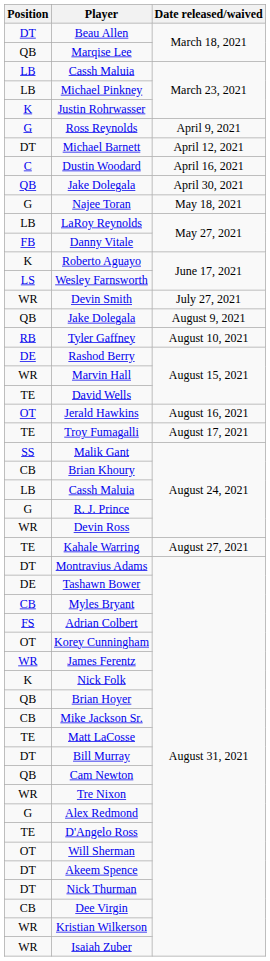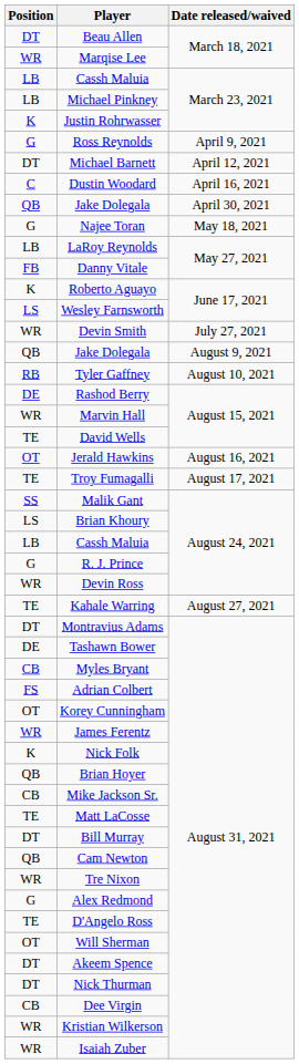 <table class="wikitable" style="text-align:center">
 <tr>
 <th>Position</th>
 <th>Player</th>
 <th>Date released/waived</th>
 </tr>
 <tr>
 <td><a href='#'>DT</a></td>
 <td><a href='#'>Beau Allen</a></td>
 <td rowspan="2">March 18, 2021</td>
 </tr>
 <tr>
-<td>QB</td>
+<td><a href='#'>WR</a></td>
 <td><a href='#'>Marqise Lee</a></td>
 </tr>
 <tr>
 <td><a href='#'>LB</a></td>
 <td><a href='#'>Cassh Maluia</a></td>
 <td rowspan="3">March 23, 2021</td>
 </tr>
 <tr>
 <td>LB</td>
 <td><a href='#'>Michael Pinkney</a></td>
 </tr>
 <tr>
 <td><a href='#'>K</a></td>
 <td><a href='#'>Justin Rohrwasser</a></td>
 </tr>
 <tr>
 <td><a href='#'>G</a></td>
 <td><a href='#'>Ross Reynolds</a></td>
 <td>April 9, 2021</td>
 </tr>
 <tr>
 <td>DT</td>
 <td><a href='#'>Michael Barnett</a></td>
 <td>April 12, 2021</td>
 </tr>
 <tr>
 <td><a href='#'>C</a></td>
 <td><a href='#'>Dustin Woodard</a></td>
 <td>April 16, 2021</td>
 </tr>
 <tr>
 <td><a href='#'>QB</a></td>
 <td><a href='#'>Jake Dolegala</a></td>
 <td>April 30, 2021</td>
 </tr>
 <tr>
 <td>G</td>
 <td><a href='#'>Najee Toran</a></td>
 <td>May 18, 2021</td>
 </tr>
 <tr>
 <td>LB</td>
 <td><a href='#'>LaRoy Reynolds</a></td>
 <td rowspan="2">May 27, 2021</td>
 </tr>
 <tr>
 <td><a href='#'>FB</a></td>
 <td><a href='#'>Danny Vitale</a></td>
 </tr>
 <tr>
 <td>K</td>
 <td><a href='#'>Roberto Aguayo</a></td>
 <td rowspan="2">June 17, 2021</td>
 </tr>
 <tr>
 <td><a href='#'>LS</a></td>
 <td><a href='#'>Wesley Farnsworth</a></td>
 </tr>
 <tr>
 <td>WR</td>
 <td><a href='#'>Devin Smith</a></td>
 <td>July 27, 2021</td>
 </tr>
 <tr>
 <td>QB</td>
 <td><a href='#'>Jake Dolegala</a></td>
 <td>August 9, 2021</td>
 </tr>
 <tr>
 <td><a href='#'>RB</a></td>
 <td><a href='#'>Tyler Gaffney</a></td>
 <td>August 10, 2021</td>
 </tr>
 <tr>
 <td><a href='#'>DE</a></td>
 <td><a href='#'>Rashod Berry</a></td>
 <td rowspan="3">August 15, 2021</td>
 </tr>
 <tr>
 <td>WR</td>
 <td><a href='#'>Marvin Hall</a></td>
 </tr>
 <tr>
 <td>TE</td>
 <td><a href='#'>David Wells</a></td>
 </tr>
 <tr>
 <td><a href='#'>OT</a></td>
 <td><a href='#'>Jerald Hawkins</a></td>
 <td>August 16, 2021</td>
 </tr>
 <tr>
 <td>TE</td>
 <td><a href='#'>Troy Fumagalli</a></td>
 <td>August 17, 2021</td>
 </tr>
 <tr>
 <td><a href='#'>SS</a></td>
 <td><a href='#'>Malik Gant</a></td>
 <td rowspan="5">August 24, 2021</td>
 </tr>
 <tr>
-<td>CB</td>
+<td>LS</td>
 <td><a href='#'>Brian Khoury</a></td>
 </tr>
 <tr>
 <td>LB</td>
 <td><a href='#'>Cassh Maluia</a></td>
 </tr>
 <tr>
 <td>G</td>
 <td><a href='#'>R. J. Prince</a></td>
 </tr>
 <tr>
 <td>WR</td>
 <td><a href='#'>Devin Ross</a></td>
 </tr>
 <tr>
 <td>TE</td>
 <td><a href='#'>Kahale Warring</a></td>
 <td>August 27, 2021</td>
 </tr>
 <tr>
 <td>DT</td>
 <td><a href='#'>Montravius Adams</a></td>
 <td rowspan="21">August 31, 2021</td>
 </tr>
 <tr>
 <td>DE</td>
 <td><a href='#'>Tashawn Bower</a></td>
 </tr>
 <tr>
 <td><a href='#'>CB</a></td>
 <td><a href='#'>Myles Bryant</a></td>
 </tr>
 <tr>
 <td><a href='#'>FS</a></td>
 <td><a href='#'>Adrian Colbert</a></td>
 </tr>
 <tr>
 <td>OT</td>
 <td><a href='#'>Korey Cunningham</a></td>
 </tr>
 <tr>
 <td><a href='#'>WR</a></td>
 <td><a href='#'>James Ferentz</a></td>
 </tr>
 <tr>
 <td>K</td>
 <td><a href='#'>Nick Folk</a></td>
 </tr>
 <tr>
 <td>QB</td>
 <td><a href='#'>Brian Hoyer</a></td>
 </tr>
 <tr>
 <td>CB</td>
 <td><a href='#'>Mike Jackson Sr.</a></td>
 </tr>
 <tr>
 <td>TE</td>
 <td><a href='#'>Matt LaCosse</a></td>
 </tr>
 <tr>
 <td>DT</td>
 <td><a href='#'>Bill Murray</a></td>
 </tr>
 <tr>
 <td>QB</td>
 <td><a href='#'>Cam Newton</a></td>
 </tr>
 <tr>
 <td>WR</td>
 <td><a href='#'>Tre Nixon</a></td>
 </tr>
 <tr>
 <td>G</td>
 <td><a href='#'>Alex Redmond</a></td>
 </tr>
 <tr>
 <td>TE</td>
 <td><a href='#'>D'Angelo Ross</a></td>
 </tr>
 <tr>
 <td>OT</td>
 <td><a href='#'>Will Sherman</a></td>
 </tr>
 <tr>
 <td>DT</td>
 <td><a href='#'>Akeem Spence</a></td>
 </tr>
 <tr>
 <td>DT</td>
 <td><a href='#'>Nick Thurman</a></td>
 </tr>
 <tr>
 <td>CB</td>
 <td><a href='#'>Dee Virgin</a></td>
 </tr>
 <tr>
 <td>WR</td>
 <td><a href='#'>Kristian Wilkerson</a></td>
 </tr>
 <tr>
 <td>WR</td>
 <td><a href='#'>Isaiah Zuber</a></td>
 </tr>
 </table>
